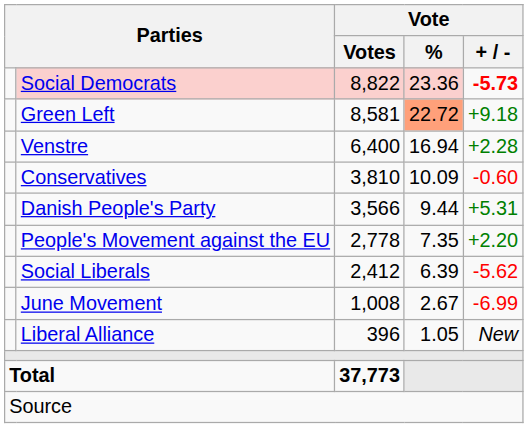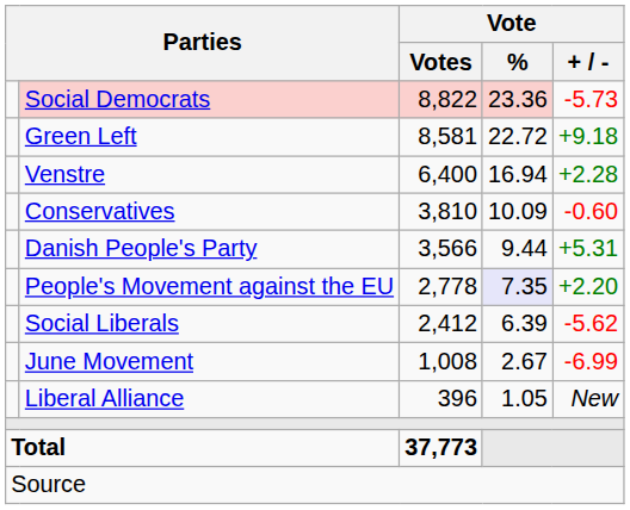 <table class="wikitable" style="text-align:right;">
 <tr>
 <th style="text-align:centre;" rowspan="2" colspan="2" width="225">Parties</th>
 <th colspan="3">Vote</th>
 </tr>
 <tr>
 <th width="15">Votes</th>
 <th width="15">%</th>
 <th width="15">+ / -</th>
 </tr>
 <tr>
 <td width="2" style="color:inherit;background:"></td>
 <td bgcolor=#fbd0ce   align="left"><a href='#'>Social Democrats</a></td>
 <td bgcolor=#fbd0ce>8,822</td>
 <td bgcolor=#fbd0ce>23.36</td>
-<td style=color:red;><strong>-5.73</strong></td>
+<td style=color:red;>-5.73</td>
 </tr>
 <tr>
 <td width="2" style="color:inherit;background:"></td>
 <td align="left"><a href='#'>Green Left</a></td>
 <td>8,581</td>
-<td style="background: lightsalmon;">22.72</td>
+<td>22.72</td>
 <td style=color:green;>+9.18</td>
 </tr>
 <tr>
 <td width="2" style="color:inherit;background:"></td>
 <td align="left"><a href='#'>Venstre</a></td>
 <td>6,400</td>
 <td>16.94</td>
 <td style=color:green;>+2.28</td>
 </tr>
 <tr>
 <td width="2" style="color:inherit;background:"></td>
 <td align="left"><a href='#'>Conservatives</a></td>
 <td>3,810</td>
 <td>10.09</td>
 <td style=color:red;>-0.60</td>
 </tr>
 <tr>
 <td width="2" style="color:inherit;background:"></td>
 <td align="left"><a href='#'>Danish People's Party</a></td>
 <td>3,566</td>
 <td>9.44</td>
 <td style=color:green;>+5.31</td>
 </tr>
 <tr>
 <td width="2" style="color:inherit;background:"></td>
 <td align="left"><a href='#'>People's Movement against the EU</a></td>
 <td>2,778</td>
-<td>7.35</td>
+<td style="background: lavender;">7.35</td>
 <td style=color:green;>+2.20</td>
 </tr>
 <tr>
 <td width="2" style="color:inherit;background:"></td>
 <td align="left"><a href='#'>Social Liberals</a></td>
 <td>2,412</td>
 <td>6.39</td>
 <td style=color:red;>-5.62</td>
 </tr>
 <tr>
 <td width="2" style="color:inherit;background:"></td>
 <td align="left"><a href='#'>June Movement</a></td>
 <td>1,008</td>
 <td>2.67</td>
 <td style=color:red;>-6.99</td>
 </tr>
 <tr>
 <td width="2" style="color:inherit;background:"></td>
 <td align="left"><a href='#'>Liberal Alliance</a></td>
 <td>396</td>
 <td>1.05</td>
 <td><em>New</em></td>
 </tr>
 <tr>
 <td colspan="7" bgcolor="#E9E9E9"></td>
 </tr>
 <tr>
 <td align="left" colspan="2"><strong>Total</strong></td>
 <td><strong>37,773</strong></td>
 <td bgcolor="#E9E9E9" colspan="2"></td>
 </tr>
 <tr>
 <td align="left" colspan="6">Source</td>
 </tr>
 </table>
